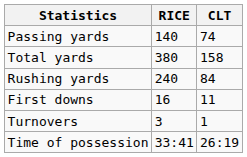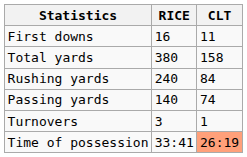 <table class="wikitable" style="float: left;">
 <tr>
 <th>Statistics</th>
 <th>RICE</th>
 <th>CLT</th>
 </tr>
 <tr>
-<td>Passing yards</td>
-<td>140</td>
-<td>74</td>
+<td>First downs</td>
+<td>16</td>
+<td>11</td>
 </tr>
 <tr>
 <td>Total yards</td>
 <td>380</td>
 <td>158</td>
 </tr>
 <tr>
 <td>Rushing yards</td>
 <td>240</td>
 <td>84</td>
 </tr>
 <tr>
-<td>First downs</td>
-<td>16</td>
-<td>11</td>
+<td>Passing yards</td>
+<td>140</td>
+<td>74</td>
 </tr>
 <tr>
 <td>Turnovers</td>
 <td>3</td>
 <td>1</td>
 </tr>
 <tr>
 <td>Time of possession</td>
 <td>33:41</td>
-<td>26:19</td>
+<td style="background: lightsalmon;">26:19</td>
 </tr>
 <tr>
 </tr>
 </table>
